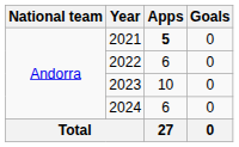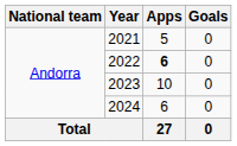 <table class="wikitable" style="text-align:center">
 <tr>
 <th>National team</th>
 <th>Year</th>
 <th>Apps</th>
 <th>Goals</th>
 </tr>
 <tr>
 <td rowspan="4"><a href='#'>Andorra</a></td>
 <td>2021</td>
-<td><strong>5</strong></td>
+<td>5</td>
 <td>0</td>
 </tr>
 <tr>
 <td>2022</td>
-<td>6</td>
+<td><strong>6</strong></td>
 <td>0</td>
 </tr>
 <tr>
 <td>2023</td>
 <td>10</td>
 <td>0</td>
 </tr>
 <tr>
 <td>2024</td>
 <td>6</td>
 <td>0</td>
 </tr>
 <tr>
 <th colspan="2">Total</th>
 <th>27</th>
 <th>0</th>
 </tr>
 </table>
